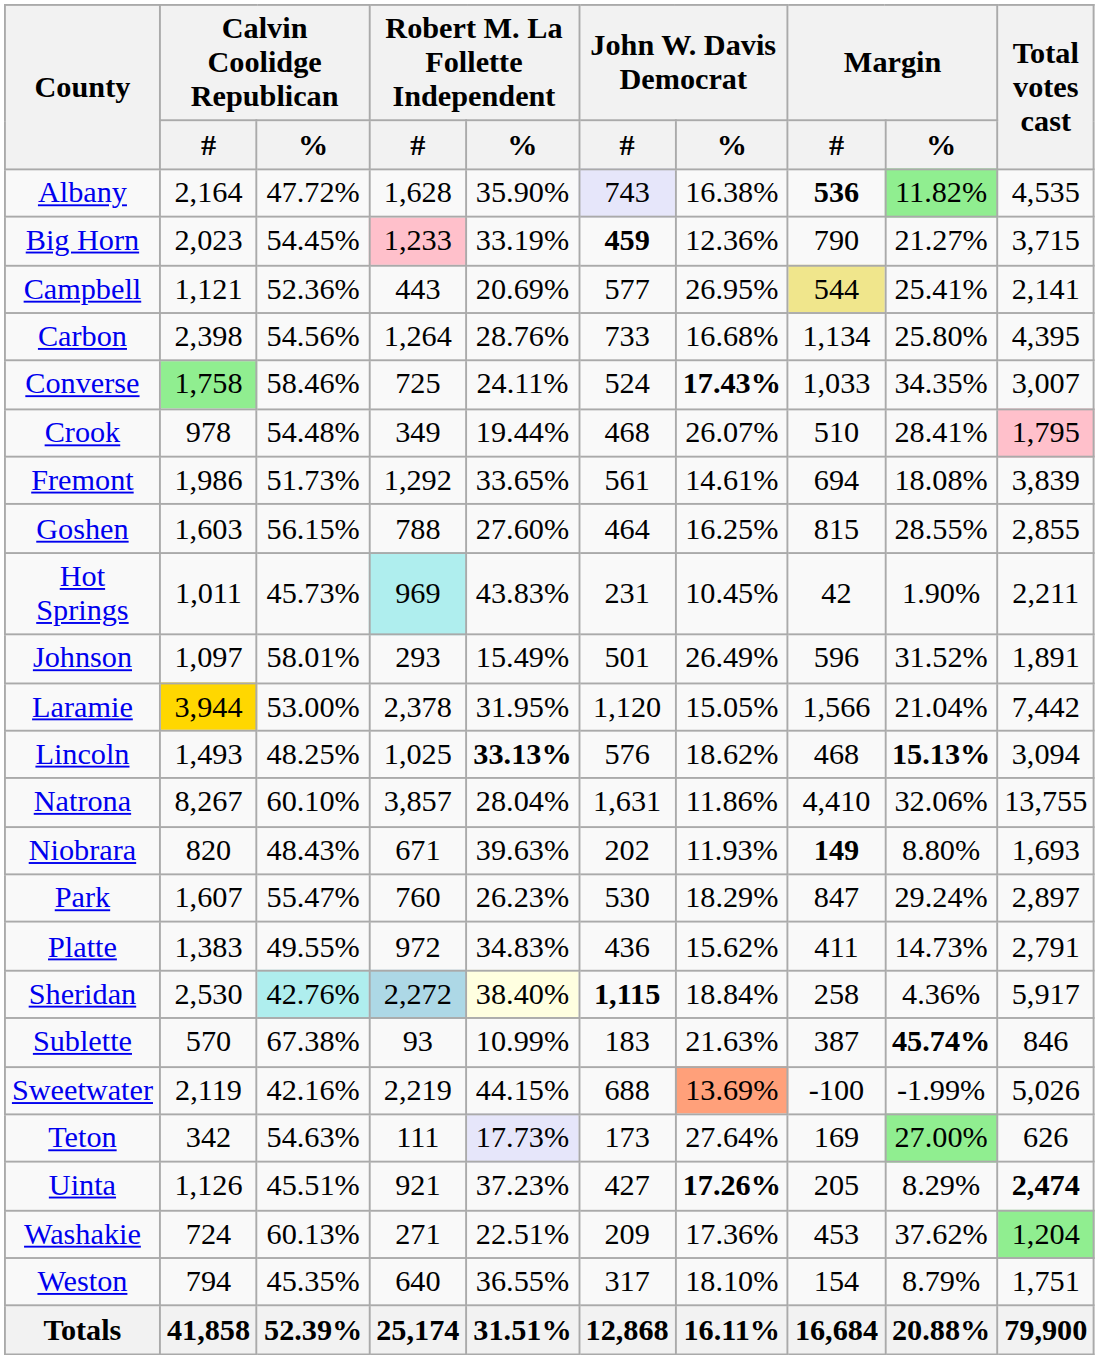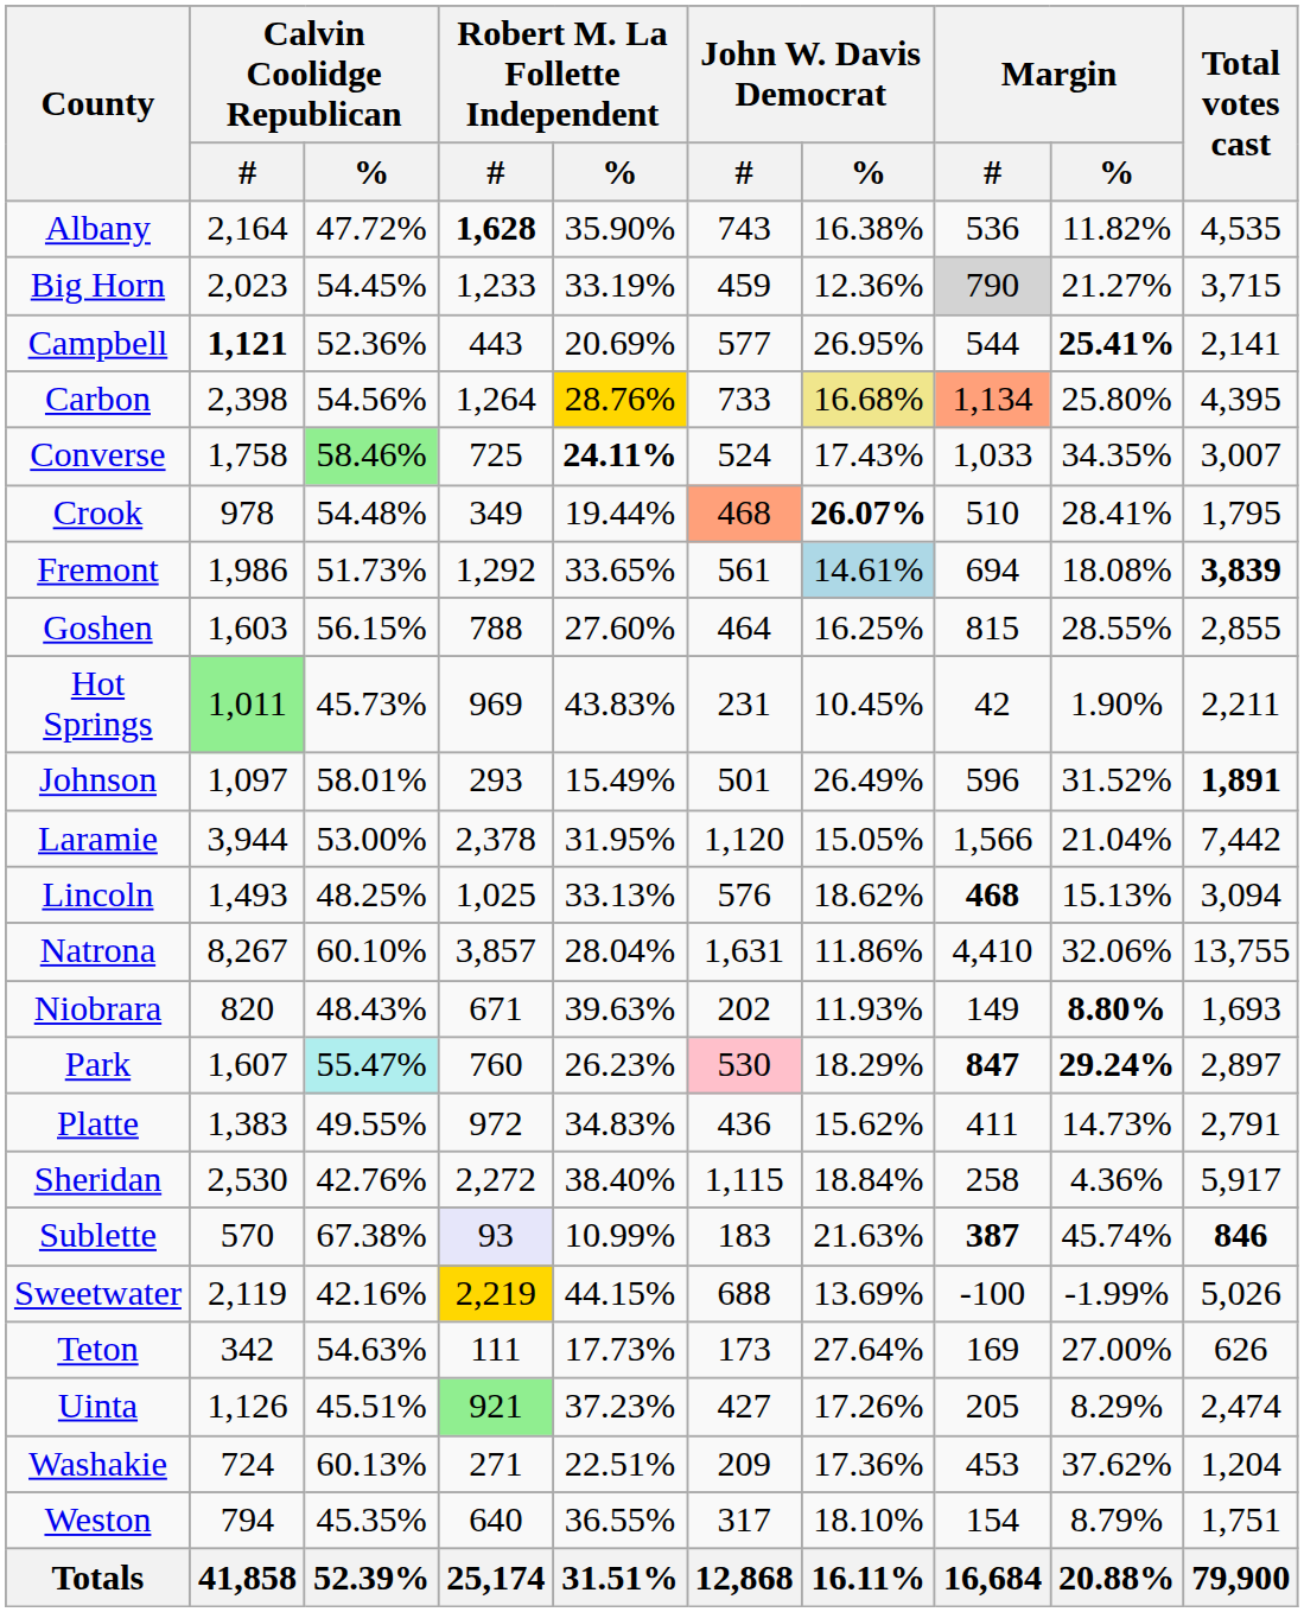 <table width="60%"  class="wikitable sortable" style="text-align:center">
 <tr>
 <th style="text-align:center;" rowspan="2">County</th>
 <th style="text-align:center;" colspan="2">Calvin Coolidge<br>Republican</th>
 <th style="text-align:center;" colspan="2">Robert M. La Follette<br>Independent</th>
 <th style="text-align:center;" colspan="2">John W. Davis<br>Democrat</th>
 <th style="text-align:center;" colspan="2">Margin</th>
 <th style="text-align:center;" rowspan="2">Total votes cast</th>
 </tr>
 <tr>
 <th style="text-align:center;" data-sort-type="number">#</th>
 <th style="text-align:center;" data-sort-type="number">%</th>
 <th style="text-align:center;" data-sort-type="number">#</th>
 <th style="text-align:center;" data-sort-type="number">%</th>
 <th style="text-align:center;" data-sort-type="number">#</th>
 <th style="text-align:center;" data-sort-type="number">%</th>
 <th style="text-align:center;" data-sort-type="number">#</th>
 <th style="text-align:center;" data-sort-type="number">%</th>
 </tr>
 <tr style="text-align:center;">
 <td><a href='#'>Albany</a></td>
 <td>2,164</td>
 <td>47.72%</td>
-<td>1,628</td>
+<td><strong>1,628</strong></td>
 <td>35.90%</td>
-<td style="background: lavender;">743</td>
+<td>743</td>
 <td>16.38%</td>
-<td><strong>536</strong></td>
-<td style="background: lightgreen;">11.82%</td>
+<td>536</td>
+<td>11.82%</td>
 <td>4,535</td>
 </tr>
 <tr style="text-align:center;">
 <td><a href='#'>Big Horn</a></td>
 <td>2,023</td>
 <td>54.45%</td>
-<td style="background: pink;">1,233</td>
+<td>1,233</td>
 <td>33.19%</td>
-<td><strong>459</strong></td>
+<td>459</td>
 <td>12.36%</td>
-<td>790</td>
+<td style="background: lightgrey;">790</td>
 <td>21.27%</td>
 <td>3,715</td>
 </tr>
 <tr style="text-align:center;">
 <td><a href='#'>Campbell</a></td>
-<td>1,121</td>
+<td><strong>1,121</strong></td>
 <td>52.36%</td>
 <td>443</td>
 <td>20.69%</td>
 <td>577</td>
 <td>26.95%</td>
-<td style="background: khaki;">544</td>
-<td>25.41%</td>
+<td>544</td>
+<td><strong>25.41%</strong></td>
 <td>2,141</td>
 </tr>
 <tr style="text-align:center;">
 <td><a href='#'>Carbon</a></td>
 <td>2,398</td>
 <td>54.56%</td>
 <td>1,264</td>
-<td>28.76%</td>
+<td style="background: gold;">28.76%</td>
 <td>733</td>
-<td>16.68%</td>
-<td>1,134</td>
+<td style="background: khaki;">16.68%</td>
+<td style="background: lightsalmon;">1,134</td>
 <td>25.80%</td>
 <td>4,395</td>
 </tr>
 <tr style="text-align:center;">
 <td><a href='#'>Converse</a></td>
-<td style="background: lightgreen;">1,758</td>
-<td>58.46%</td>
+<td>1,758</td>
+<td style="background: lightgreen;">58.46%</td>
 <td>725</td>
-<td>24.11%</td>
+<td><strong>24.11%</strong></td>
 <td>524</td>
-<td><strong>17.43%</strong></td>
+<td>17.43%</td>
 <td>1,033</td>
 <td>34.35%</td>
 <td>3,007</td>
 </tr>
 <tr style="text-align:center;">
 <td><a href='#'>Crook</a></td>
 <td>978</td>
 <td>54.48%</td>
 <td>349</td>
 <td>19.44%</td>
-<td>468</td>
-<td>26.07%</td>
+<td style="background: lightsalmon;">468</td>
+<td><strong>26.07%</strong></td>
 <td>510</td>
 <td>28.41%</td>
-<td style="background: pink;">1,795</td>
+<td>1,795</td>
 </tr>
 <tr style="text-align:center;">
 <td><a href='#'>Fremont</a></td>
 <td>1,986</td>
 <td>51.73%</td>
 <td>1,292</td>
 <td>33.65%</td>
 <td>561</td>
-<td>14.61%</td>
+<td style="background: lightblue;">14.61%</td>
 <td>694</td>
 <td>18.08%</td>
-<td>3,839</td>
+<td><strong>3,839</strong></td>
 </tr>
 <tr style="text-align:center;">
 <td><a href='#'>Goshen</a></td>
 <td>1,603</td>
 <td>56.15%</td>
 <td>788</td>
 <td>27.60%</td>
 <td>464</td>
 <td>16.25%</td>
 <td>815</td>
 <td>28.55%</td>
 <td>2,855</td>
 </tr>
 <tr style="text-align:center;">
 <td><a href='#'>Hot Springs</a></td>
-<td>1,011</td>
+<td style="background: lightgreen;">1,011</td>
 <td>45.73%</td>
-<td style="background: paleturquoise;">969</td>
+<td>969</td>
 <td>43.83%</td>
 <td>231</td>
 <td>10.45%</td>
 <td>42</td>
 <td>1.90%</td>
 <td>2,211</td>
 </tr>
 <tr style="text-align:center;">
 <td><a href='#'>Johnson</a></td>
 <td>1,097</td>
 <td>58.01%</td>
 <td>293</td>
 <td>15.49%</td>
 <td>501</td>
 <td>26.49%</td>
 <td>596</td>
 <td>31.52%</td>
-<td>1,891</td>
+<td><strong>1,891</strong></td>
 </tr>
 <tr style="text-align:center;">
 <td><a href='#'>Laramie</a></td>
-<td style="background: gold;">3,944</td>
+<td>3,944</td>
 <td>53.00%</td>
 <td>2,378</td>
 <td>31.95%</td>
 <td>1,120</td>
 <td>15.05%</td>
 <td>1,566</td>
 <td>21.04%</td>
 <td>7,442</td>
 </tr>
 <tr style="text-align:center;">
 <td><a href='#'>Lincoln</a></td>
 <td>1,493</td>
 <td>48.25%</td>
 <td>1,025</td>
-<td><strong>33.13%</strong></td>
+<td>33.13%</td>
 <td>576</td>
 <td>18.62%</td>
-<td>468</td>
-<td><strong>15.13%</strong></td>
+<td><strong>468</strong></td>
+<td>15.13%</td>
 <td>3,094</td>
 </tr>
 <tr style="text-align:center;">
 <td><a href='#'>Natrona</a></td>
 <td>8,267</td>
 <td>60.10%</td>
 <td>3,857</td>
 <td>28.04%</td>
 <td>1,631</td>
 <td>11.86%</td>
 <td>4,410</td>
 <td>32.06%</td>
 <td>13,755</td>
 </tr>
 <tr style="text-align:center;">
 <td><a href='#'>Niobrara</a></td>
 <td>820</td>
 <td>48.43%</td>
 <td>671</td>
 <td>39.63%</td>
 <td>202</td>
 <td>11.93%</td>
-<td><strong>149</strong></td>
-<td>8.80%</td>
+<td>149</td>
+<td><strong>8.80%</strong></td>
 <td>1,693</td>
 </tr>
 <tr style="text-align:center;">
 <td><a href='#'>Park</a></td>
 <td>1,607</td>
-<td>55.47%</td>
+<td style="background: paleturquoise;">55.47%</td>
 <td>760</td>
 <td>26.23%</td>
-<td>530</td>
+<td style="background: pink;">530</td>
 <td>18.29%</td>
-<td>847</td>
-<td>29.24%</td>
+<td><strong>847</strong></td>
+<td><strong>29.24%</strong></td>
 <td>2,897</td>
 </tr>
 <tr style="text-align:center;">
 <td><a href='#'>Platte</a></td>
 <td>1,383</td>
 <td>49.55%</td>
 <td>972</td>
 <td>34.83%</td>
 <td>436</td>
 <td>15.62%</td>
 <td>411</td>
 <td>14.73%</td>
 <td>2,791</td>
 </tr>
 <tr style="text-align:center;">
 <td><a href='#'>Sheridan</a></td>
 <td>2,530</td>
-<td style="background: paleturquoise;">42.76%</td>
-<td style="background: lightblue;">2,272</td>
-<td style="background: lightyellow;">38.40%</td>
-<td><strong>1,115</strong></td>
+<td>42.76%</td>
+<td>2,272</td>
+<td>38.40%</td>
+<td>1,115</td>
 <td>18.84%</td>
 <td>258</td>
 <td>4.36%</td>
 <td>5,917</td>
 </tr>
 <tr style="text-align:center;">
 <td><a href='#'>Sublette</a></td>
 <td>570</td>
 <td>67.38%</td>
-<td>93</td>
+<td style="background: lavender;">93</td>
 <td>10.99%</td>
 <td>183</td>
 <td>21.63%</td>
-<td>387</td>
-<td><strong>45.74%</strong></td>
-<td>846</td>
+<td><strong>387</strong></td>
+<td>45.74%</td>
+<td><strong>846</strong></td>
 </tr>
 <tr style="text-align:center;">
 <td><a href='#'>Sweetwater</a></td>
 <td>2,119</td>
 <td>42.16%</td>
-<td>2,219</td>
+<td style="background: gold;">2,219</td>
 <td>44.15%</td>
 <td>688</td>
-<td style="background: lightsalmon;">13.69%</td>
+<td>13.69%</td>
 <td>-100</td>
 <td>-1.99%</td>
 <td>5,026</td>
 </tr>
 <tr style="text-align:center;">
 <td><a href='#'>Teton</a></td>
 <td>342</td>
 <td>54.63%</td>
 <td>111</td>
-<td style="background: lavender;">17.73%</td>
+<td>17.73%</td>
 <td>173</td>
 <td>27.64%</td>
 <td>169</td>
-<td style="background: lightgreen;">27.00%</td>
+<td>27.00%</td>
 <td>626</td>
 </tr>
 <tr style="text-align:center;">
 <td><a href='#'>Uinta</a></td>
 <td>1,126</td>
 <td>45.51%</td>
-<td>921</td>
+<td style="background: lightgreen;">921</td>
 <td>37.23%</td>
 <td>427</td>
-<td><strong>17.26%</strong></td>
+<td>17.26%</td>
 <td>205</td>
 <td>8.29%</td>
-<td><strong>2,474</strong></td>
+<td>2,474</td>
 </tr>
 <tr style="text-align:center;">
 <td><a href='#'>Washakie</a></td>
 <td>724</td>
 <td>60.13%</td>
 <td>271</td>
 <td>22.51%</td>
 <td>209</td>
 <td>17.36%</td>
 <td>453</td>
 <td>37.62%</td>
-<td style="background: lightgreen;">1,204</td>
+<td>1,204</td>
 </tr>
 <tr style="text-align:center;">
 <td><a href='#'>Weston</a></td>
 <td>794</td>
 <td>45.35%</td>
 <td>640</td>
 <td>36.55%</td>
 <td>317</td>
 <td>18.10%</td>
 <td>154</td>
 <td>8.79%</td>
 <td>1,751</td>
 </tr>
 <tr style="text-align:center;">
 <th>Totals</th>
 <th>41,858</th>
 <th>52.39%</th>
 <th>25,174</th>
 <th>31.51%</th>
 <th>12,868</th>
 <th>16.11%</th>
 <th>16,684</th>
 <th>20.88%</th>
 <th>79,900</th>
 </tr>
 </table>
